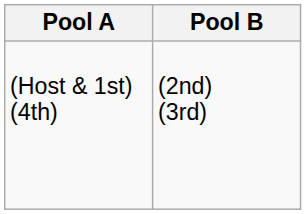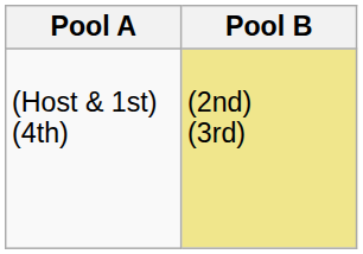 <table class="wikitable">
 <tr>
 <th width=45%>Pool A</th>
 <th width=45%>Pool B</th>
 </tr>
 <tr>
 <td><br> (Host & 1st)<br>  (4th)<br> <br> <br> <br> </td>
-<td><br> (2nd)<br>  (3rd)<br> <br> <br> <br> </td>
+<td style="background: khaki;"><br> (2nd)<br>  (3rd)<br> <br> <br> <br> </td>
 </tr>
 </table>
